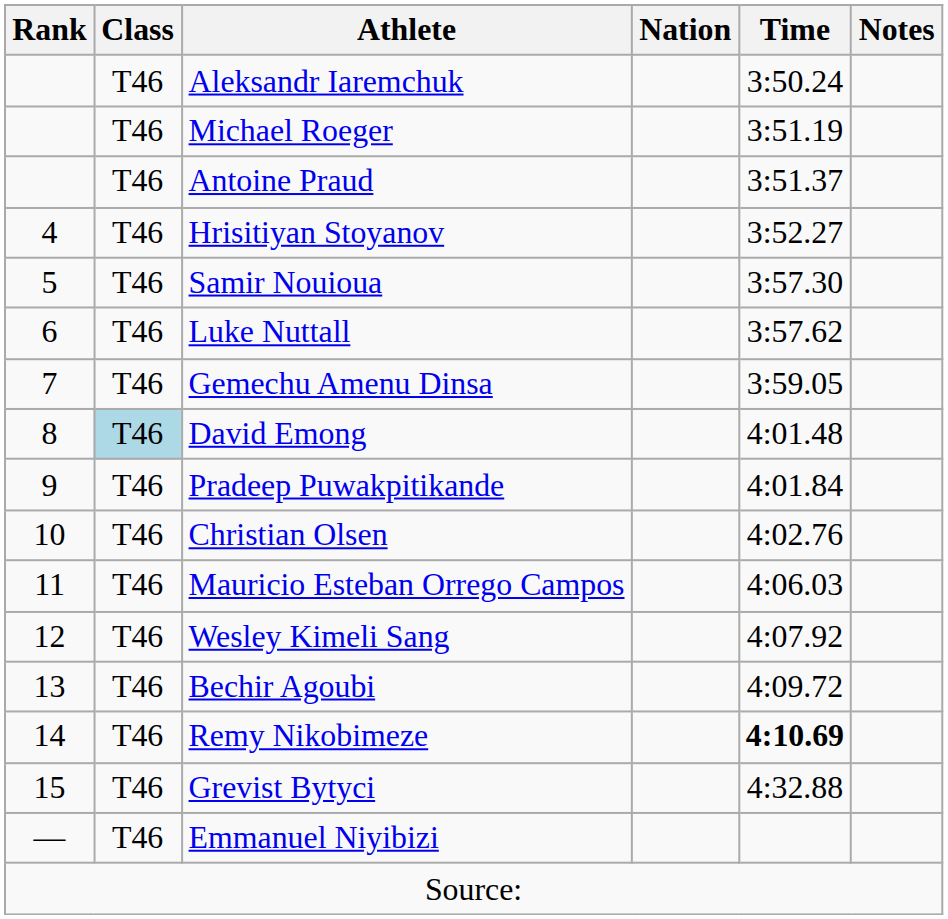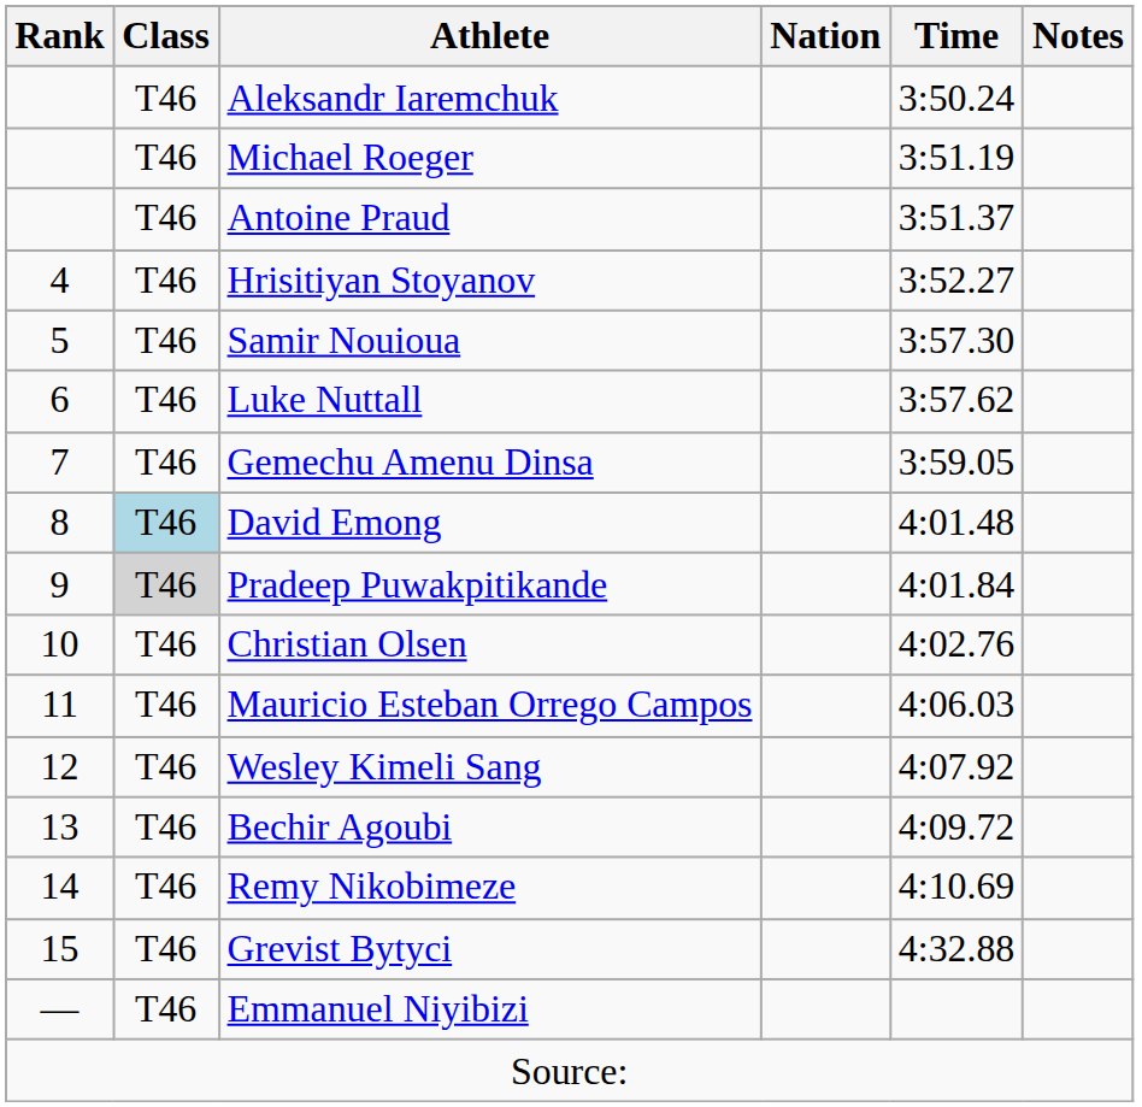 <table class="wikitable sortable" style="text-align:center;">
 <tr>
 <th scope="col">Rank</th>
 <th scope="col">Class</th>
 <th scope="col">Athlete</th>
 <th scope="col">Nation</th>
 <th scope="col">Time</th>
 <th scope="col">Notes</th>
 </tr>
 <tr>
 <td></td>
 <td>T46</td>
 <td align=left><a href='#'>Aleksandr Iaremchuk</a></td>
 <td align=left></td>
 <td>3:50.24</td>
 <td></td>
 </tr>
 <tr>
 <td></td>
 <td>T46</td>
 <td align=left><a href='#'>Michael Roeger</a></td>
 <td align=left></td>
 <td>3:51.19</td>
 <td></td>
 </tr>
 <tr>
 <td></td>
 <td>T46</td>
 <td align=left><a href='#'>Antoine Praud</a></td>
 <td align=left></td>
 <td>3:51.37</td>
 <td></td>
 </tr>
 <tr>
 <td>4</td>
 <td>T46</td>
 <td align=left><a href='#'>Hrisitiyan Stoyanov</a></td>
 <td align=left></td>
 <td>3:52.27</td>
 <td></td>
 </tr>
 <tr>
 <td>5</td>
 <td>T46</td>
 <td align=left><a href='#'>Samir Nouioua</a></td>
 <td align=left></td>
 <td>3:57.30</td>
 <td></td>
 </tr>
 <tr>
 <td>6</td>
 <td>T46</td>
 <td align=left><a href='#'>Luke Nuttall</a></td>
 <td align=left></td>
 <td>3:57.62</td>
 <td></td>
 </tr>
 <tr>
 <td>7</td>
 <td>T46</td>
 <td align=left><a href='#'>Gemechu Amenu Dinsa</a></td>
 <td align=left></td>
 <td>3:59.05</td>
 <td></td>
 </tr>
 <tr>
 <td>8</td>
 <td style="background: lightblue;">T46</td>
 <td align=left><a href='#'>David Emong</a></td>
 <td align=left></td>
 <td>4:01.48</td>
 <td></td>
 </tr>
 <tr>
 <td>9</td>
-<td>T46</td>
+<td style="background: lightgrey;">T46</td>
 <td align=left><a href='#'>Pradeep Puwakpitikande</a></td>
 <td align=left></td>
 <td>4:01.84</td>
 <td></td>
 </tr>
 <tr>
 <td>10</td>
 <td>T46</td>
 <td align=left><a href='#'>Christian Olsen</a></td>
 <td align=left></td>
 <td>4:02.76</td>
 <td></td>
 </tr>
 <tr>
 <td>11</td>
 <td>T46</td>
 <td align=left><a href='#'>Mauricio Esteban Orrego Campos</a></td>
 <td align=left></td>
 <td>4:06.03</td>
 <td></td>
 </tr>
 <tr>
 <td>12</td>
 <td>T46</td>
 <td align=left><a href='#'>Wesley Kimeli Sang</a></td>
 <td align=left></td>
 <td>4:07.92</td>
 <td></td>
 </tr>
 <tr>
 <td>13</td>
 <td>T46</td>
 <td align=left><a href='#'>Bechir Agoubi</a></td>
 <td align=left></td>
 <td>4:09.72</td>
 <td></td>
 </tr>
 <tr>
 <td>14</td>
 <td>T46</td>
 <td align=left><a href='#'>Remy Nikobimeze</a></td>
 <td align=left></td>
-<td><strong>4:10.69</strong></td>
+<td>4:10.69</td>
 <td></td>
 </tr>
 <tr>
 <td>15</td>
 <td>T46</td>
 <td align=left><a href='#'>Grevist Bytyci</a></td>
 <td align=left></td>
 <td>4:32.88</td>
 <td></td>
 </tr>
 <tr>
 <td>—</td>
 <td>T46</td>
 <td align=left><a href='#'>Emmanuel Niyibizi</a></td>
 <td align=left></td>
 <td></td>
 <td></td>
 </tr>
 <tr class="sortbottom">
 <td colspan="6">Source:</td>
 </tr>
 </table>
